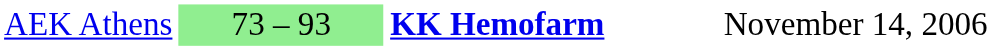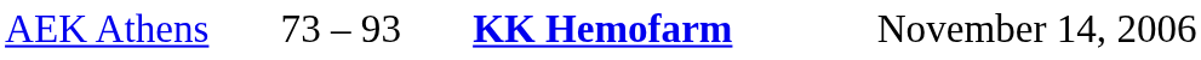 <table style="text-align:center">
 <tr>
 <th width=160></th>
 <th width=100></th>
 <th width=160></th>
 <th width=200></th>
 </tr>
 <tr>
 <td align=right><a href='#'>AEK Athens</a> </td>
-<td style="background: lightgreen;">73 – 93</td>
+<td>73 – 93</td>
 <td align=left> <strong><a href='#'>KK Hemofarm</a></strong></td>
 <td align=left>November 14, 2006</td>
 </tr>
 </table>
